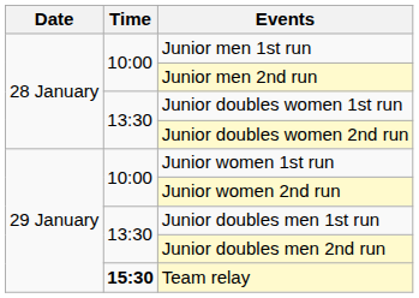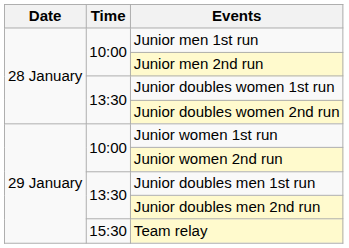 <table class="wikitable">
 <tr>
 <th>Date</th>
 <th>Time</th>
 <th>Events</th>
 </tr>
 <tr>
 <td rowspan=4>28 January</td>
 <td rowspan=2>10:00</td>
 <td>Junior men 1st run</td>
 </tr>
 <tr bgcolor=lemonchiffon>
 <td>Junior men 2nd run</td>
 </tr>
 <tr>
 <td rowspan=2>13:30</td>
 <td>Junior doubles women 1st run</td>
 </tr>
 <tr bgcolor=lemonchiffon>
 <td>Junior doubles women 2nd run</td>
 </tr>
 <tr>
 <td rowspan=5>29 January</td>
 <td rowspan=2>10:00</td>
 <td>Junior women 1st run</td>
 </tr>
 <tr bgcolor=lemonchiffon>
 <td>Junior women 2nd run</td>
 </tr>
 <tr>
 <td rowspan=2>13:30</td>
 <td>Junior doubles men 1st run</td>
 </tr>
 <tr bgcolor=lemonchiffon>
 <td>Junior doubles men 2nd run</td>
 </tr>
 <tr>
-<td><strong>15:30</strong></td>
+<td>15:30</td>
 <td bgcolor=lemonchiffon>Team relay</td>
 </tr>
 </table>
